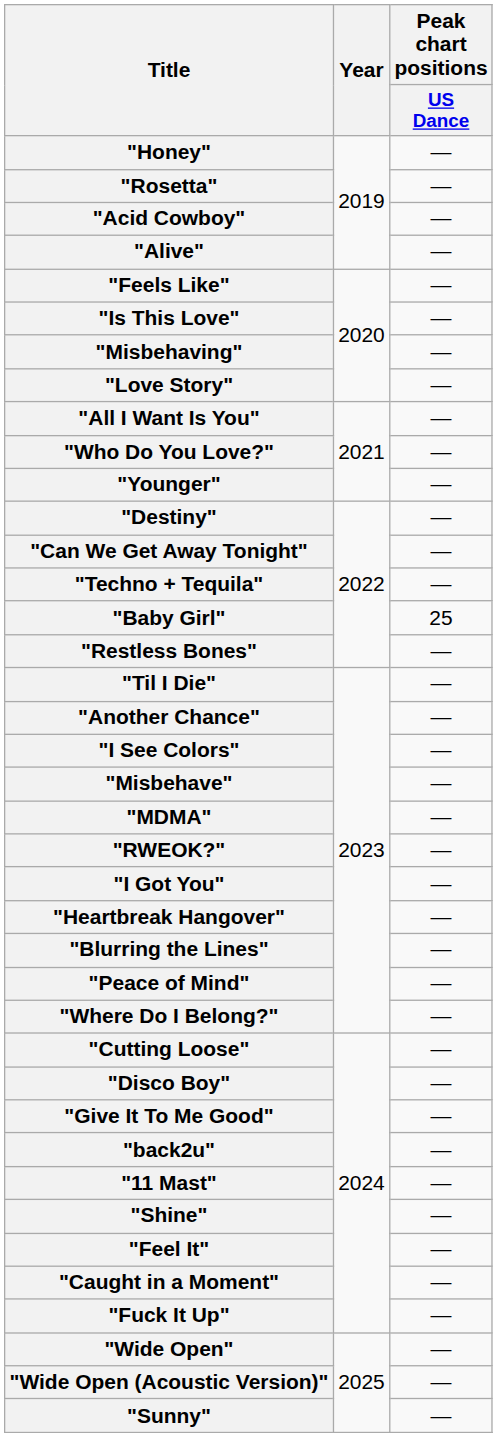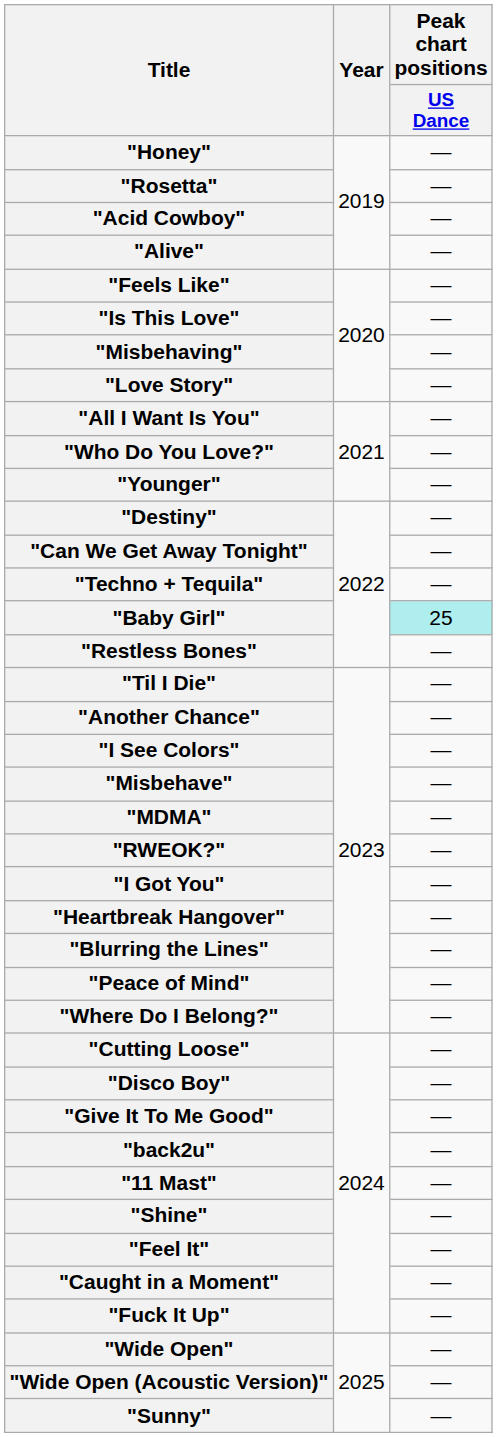 <table class="wikitable plainrowheaders" style="text-align:center">
 <tr>
 <th scope="col" rowspan="2">Title</th>
 <th scope="col" rowspan="2">Year</th>
 <th scope="col">Peak chart positions</th>
 </tr>
 <tr>
 <th scope="col" style="width:3em; font-size:90%"><a href='#'>US<br>Dance</a><br></th>
 </tr>
 <tr>
 <th scope="row">"Honey"<br></th>
 <td rowspan="4">2019</td>
 <td>—</td>
 </tr>
 <tr>
 <th scope="row">"Rosetta"</th>
 <td>—</td>
 </tr>
 <tr>
 <th scope="row">"Acid Cowboy"</th>
 <td>—</td>
 </tr>
 <tr>
 <th scope="row">"Alive"<br></th>
 <td>—</td>
 </tr>
 <tr>
 <th scope="row">"Feels Like"<br></th>
 <td rowspan="4">2020</td>
 <td>—</td>
 </tr>
 <tr>
 <th scope="row">"Is This Love"</th>
 <td>—</td>
 </tr>
 <tr>
 <th scope="row">"Misbehaving"<br></th>
 <td>—</td>
 </tr>
 <tr>
 <th scope="row">"Love Story"<br></th>
 <td>—</td>
 </tr>
 <tr>
 <th scope="row">"All I Want Is You"</th>
 <td rowspan="3">2021</td>
 <td>—</td>
 </tr>
 <tr>
 <th scope="row">"Who Do You Love?"</th>
 <td>—</td>
 </tr>
 <tr>
 <th scope="row">"Younger"<br></th>
 <td>—</td>
 </tr>
 <tr>
 <th scope="row">"Destiny"<br></th>
 <td rowspan="5">2022</td>
 <td>—</td>
 </tr>
 <tr>
 <th scope="row">"Can We Get Away Tonight"<br></th>
 <td>—</td>
 </tr>
 <tr>
 <th scope="row">"Techno + Tequila"<br></th>
 <td>—</td>
 </tr>
 <tr>
 <th scope="row">"Baby Girl"</th>
-<td>25</td>
+<td style="background: paleturquoise;">25</td>
 </tr>
 <tr>
 <th scope="row">"Restless Bones"</th>
 <td>—</td>
 </tr>
 <tr>
 <th scope="row">"Til I Die"<br></th>
 <td rowspan="11">2023</td>
 <td>—</td>
 </tr>
 <tr>
 <th scope="row">"Another Chance"</th>
 <td>—</td>
 </tr>
 <tr>
 <th scope="row">"I See Colors"<br></th>
 <td>—</td>
 </tr>
 <tr>
 <th scope="row">"Misbehave"<br></th>
 <td>—</td>
 </tr>
 <tr>
 <th scope="row">"MDMA"</th>
 <td>—</td>
 </tr>
 <tr>
 <th scope="row">"RWEOK?"<br></th>
 <td>—</td>
 </tr>
 <tr>
 <th scope="row">"I Got You"<br></th>
 <td>—</td>
 </tr>
 <tr>
 <th scope="row">"Heartbreak Hangover"<br></th>
 <td>—</td>
 </tr>
 <tr>
 <th scope="row">"Blurring the Lines"<br></th>
 <td>—</td>
 </tr>
 <tr>
 <th scope="row">"Peace of Mind"<br></th>
 <td>—</td>
 </tr>
 <tr>
 <th scope="row">"Where Do I Belong?"<br></th>
 <td>—</td>
 </tr>
 <tr>
 <th scope="row">"Cutting Loose"<br></th>
 <td rowspan="9">2024</td>
 <td>—</td>
 </tr>
 <tr>
 <th scope="row">"Disco Boy"</th>
 <td>—</td>
 </tr>
 <tr>
 <th scope="row">"Give It To Me Good"<br></th>
 <td>—</td>
 </tr>
 <tr>
 <th scope="row">"back2u"<br></th>
 <td>—</td>
 </tr>
 <tr>
 <th scope="row">"11 Mast"<br></th>
 <td>—</td>
 </tr>
 <tr>
 <th scope="row">"Shine"<br></th>
 <td>—</td>
 </tr>
 <tr>
 <th scope="row">"Feel It"<br></th>
 <td>—</td>
 </tr>
 <tr>
 <th scope="row">"Caught in a Moment"<br></th>
 <td>—</td>
 </tr>
 <tr>
 <th scope="row">"Fuck It Up"<br></th>
 <td>—</td>
 </tr>
 <tr>
 <th scope="row">"Wide Open"<br></th>
 <td rowspan="3">2025</td>
 <td>—</td>
 </tr>
 <tr>
 <th scope="row">"Wide Open (Acoustic Version)"<br></th>
 <td>—</td>
 </tr>
 <tr>
 <th scope="row">"Sunny"<br></th>
 <td>—</td>
 </tr>
 <tr>
 </tr>
 </table>
